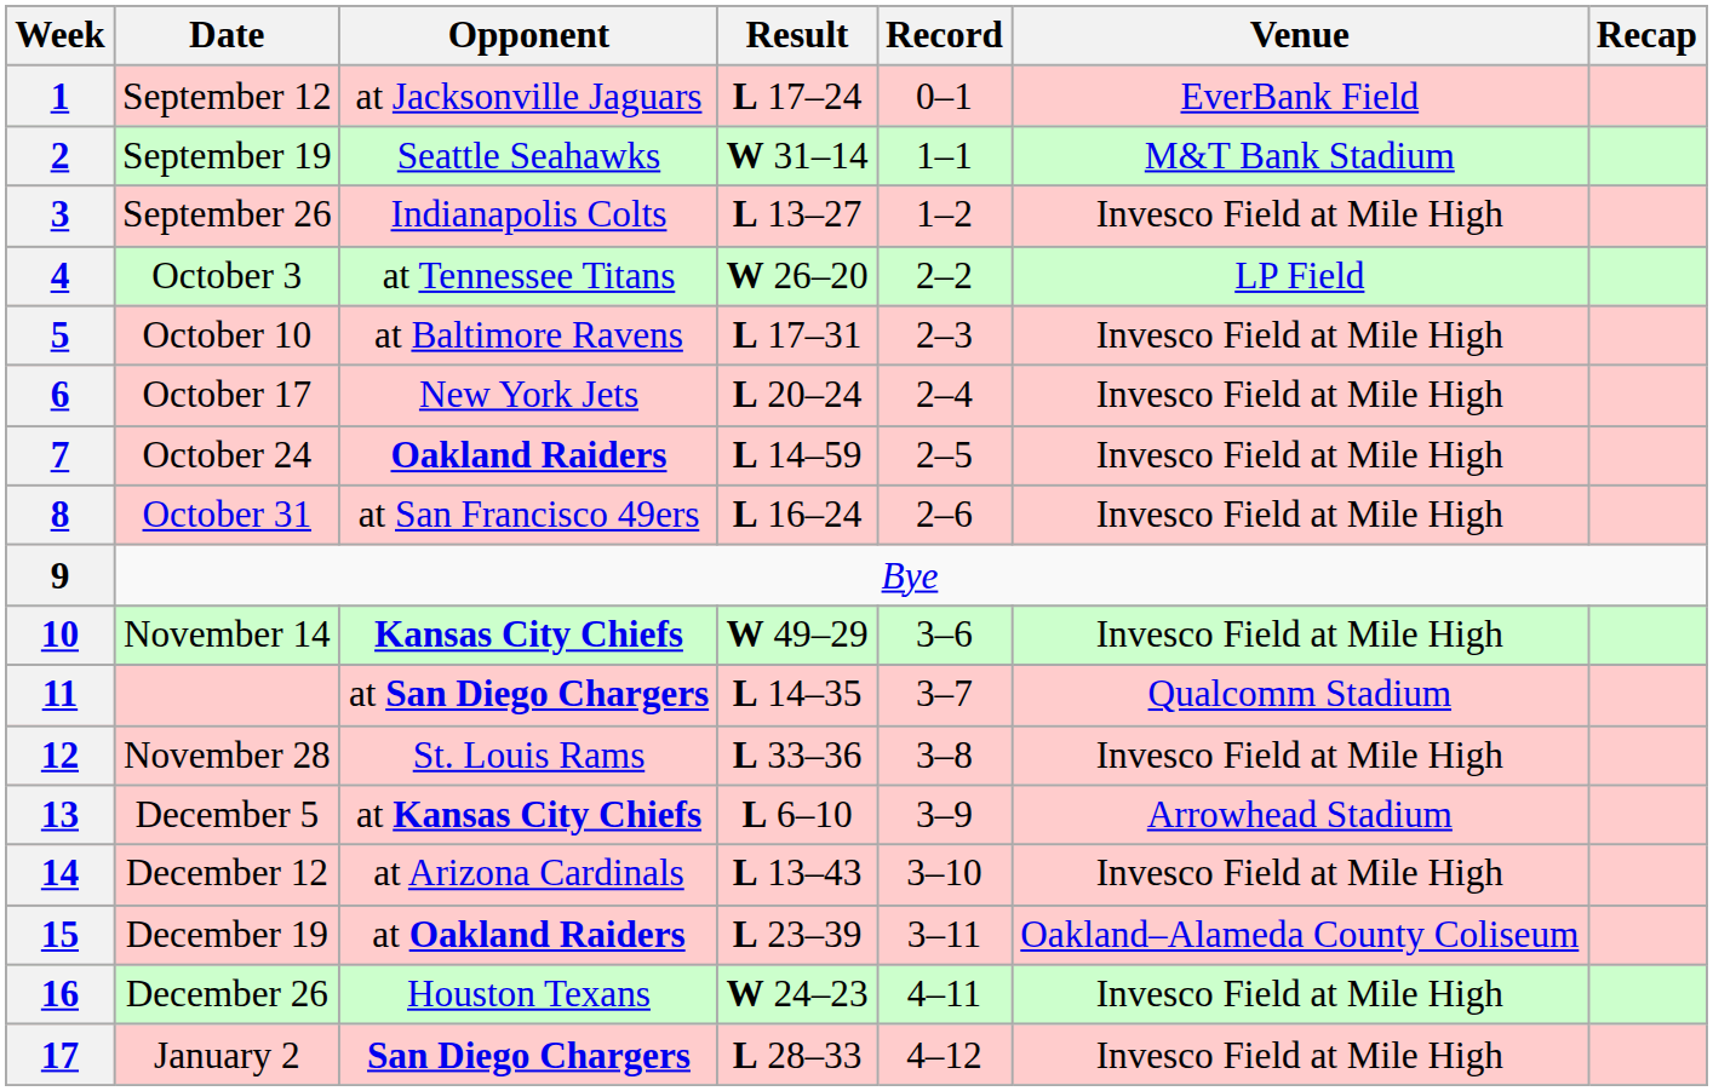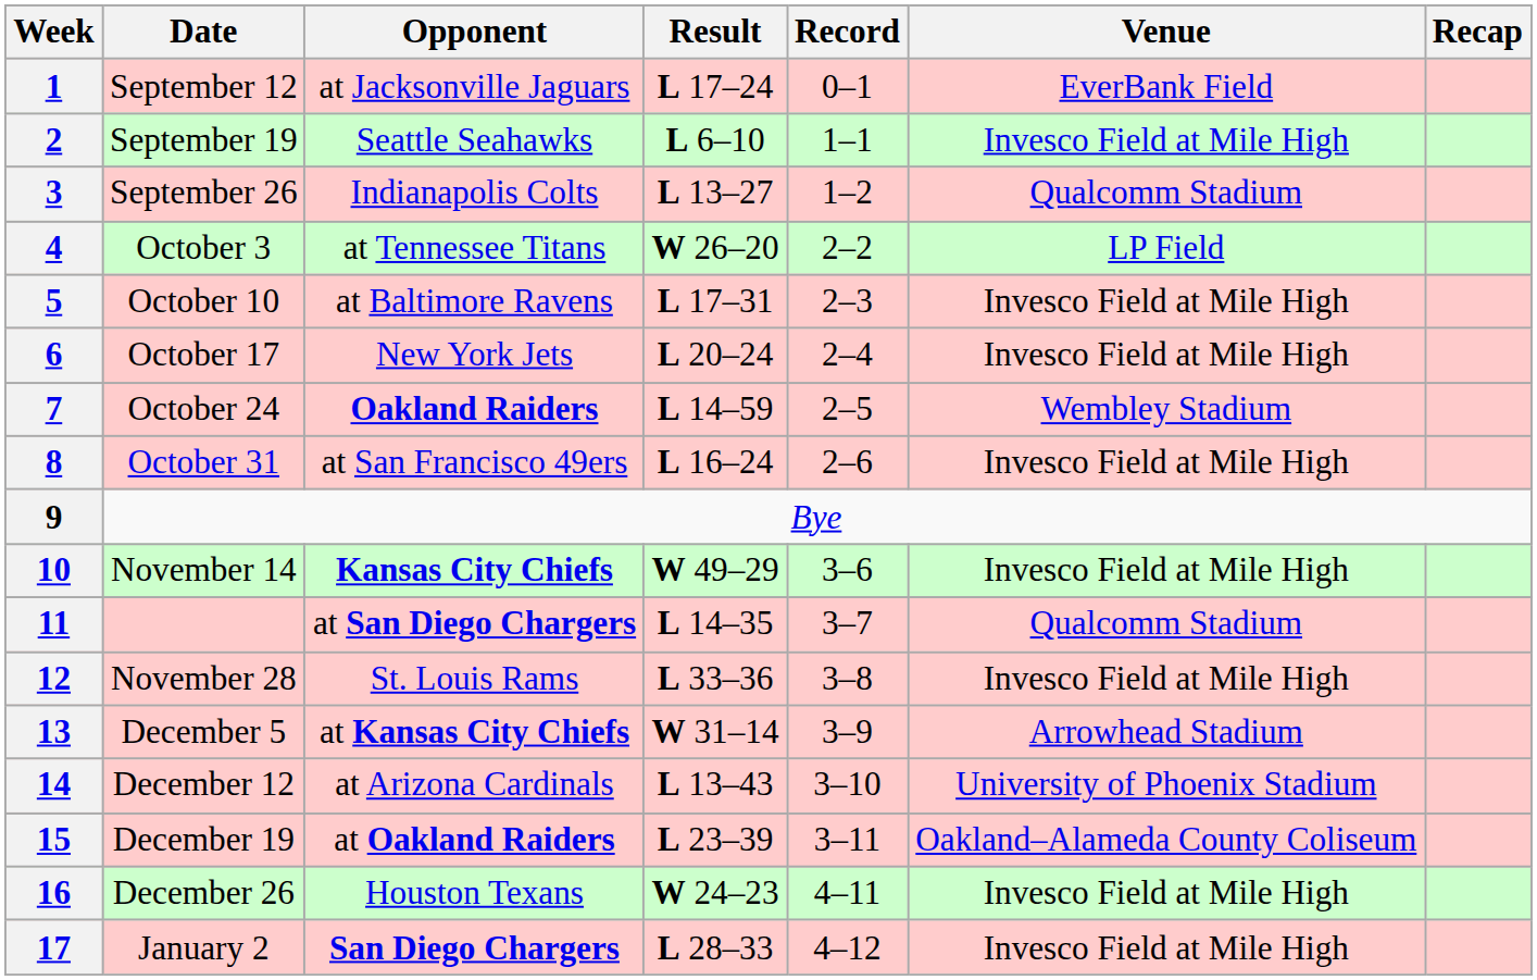 <table class="wikitable" style="text-align:center">
 <tr>
 <th>Week</th>
 <th>Date</th>
 <th>Opponent</th>
 <th>Result</th>
 <th>Record</th>
 <th>Venue</th>
 <th>Recap</th>
 </tr>
 <tr style="background:#fcc">
 <th><a href='#'>1</a></th>
 <td>September 12</td>
 <td>at <a href='#'>Jacksonville Jaguars</a></td>
 <td><strong>L</strong> 17–24</td>
 <td>0–1</td>
 <td><a href='#'>EverBank Field</a></td>
 <td></td>
 </tr>
 <tr style="background:#cfc">
 <th><a href='#'>2</a></th>
 <td>September 19</td>
 <td><a href='#'>Seattle Seahawks</a></td>
-<td><strong>W</strong> 31–14</td>
+<td><strong>L</strong> 6–10</td>
 <td>1–1</td>
-<td><a href='#'>M&T Bank Stadium</a></td>
+<td><a href='#'>Invesco Field at Mile High</a></td>
 <td></td>
 </tr>
 <tr style="background:#fcc">
 <th><a href='#'>3</a></th>
 <td>September 26</td>
 <td><a href='#'>Indianapolis Colts</a></td>
 <td><strong>L</strong> 13–27</td>
 <td>1–2</td>
-<td>Invesco Field at Mile High</td>
+<td><a href='#'>Qualcomm Stadium</a></td>
 <td></td>
 </tr>
 <tr style="background:#cfc">
 <th><a href='#'>4</a></th>
 <td>October 3</td>
 <td>at <a href='#'>Tennessee Titans</a></td>
 <td><strong>W</strong> 26–20</td>
 <td>2–2</td>
 <td><a href='#'>LP Field</a></td>
 <td></td>
 </tr>
 <tr style="background:#fcc">
 <th><a href='#'>5</a></th>
 <td>October 10</td>
 <td>at <a href='#'>Baltimore Ravens</a></td>
 <td><strong>L</strong> 17–31</td>
 <td>2–3</td>
 <td>Invesco Field at Mile High</td>
 <td></td>
 </tr>
 <tr style="background:#fcc">
 <th><a href='#'>6</a></th>
 <td>October 17</td>
 <td><a href='#'>New York Jets</a></td>
 <td><strong>L</strong> 20–24</td>
 <td>2–4</td>
 <td>Invesco Field at Mile High</td>
 <td></td>
 </tr>
 <tr style="background:#fcc">
 <th><a href='#'>7</a></th>
 <td>October 24</td>
 <td><strong><a href='#'>Oakland Raiders</a></strong></td>
 <td><strong>L</strong> 14–59</td>
 <td>2–5</td>
-<td>Invesco Field at Mile High</td>
+<td> <a href='#'>Wembley Stadium</a> </td>
 <td></td>
 </tr>
 <tr style="background:#fcc">
 <th><a href='#'>8</a></th>
 <td><a href='#'>October 31</a></td>
 <td>at <a href='#'>San Francisco 49ers</a></td>
 <td><strong>L</strong> 16–24</td>
 <td>2–6</td>
 <td>Invesco Field at Mile High</td>
 <td></td>
 </tr>
 <tr>
 <th>9</th>
 <td colspan="6"><em><a href='#'>Bye</a></em></td>
 </tr>
 <tr style="background:#cfc">
 <th><a href='#'>10</a></th>
 <td>November 14</td>
 <td><strong><a href='#'>Kansas City Chiefs</a></strong></td>
 <td><strong>W</strong> 49–29</td>
 <td>3–6</td>
 <td>Invesco Field at Mile High</td>
 <td></td>
 </tr>
 <tr style="background:#fcc">
 <th><a href='#'>11</a></th>
 <td></td>
 <td>at <strong><a href='#'>San Diego Chargers</a></strong></td>
 <td><strong>L</strong> 14–35</td>
 <td>3–7</td>
 <td><a href='#'>Qualcomm Stadium</a></td>
 <td></td>
 </tr>
 <tr style="background:#fcc">
 <th><a href='#'>12</a></th>
 <td>November 28</td>
 <td><a href='#'>St. Louis Rams</a></td>
 <td><strong>L</strong> 33–36</td>
 <td>3–8</td>
 <td>Invesco Field at Mile High</td>
 <td></td>
 </tr>
 <tr style="background:#fcc">
 <th><a href='#'>13</a></th>
 <td>December 5</td>
 <td>at <strong><a href='#'>Kansas City Chiefs</a></strong></td>
-<td><strong>L</strong> 6–10</td>
+<td><strong>W</strong> 31–14</td>
 <td>3–9</td>
 <td><a href='#'>Arrowhead Stadium</a></td>
 <td></td>
 </tr>
 <tr style="background:#fcc">
 <th><a href='#'>14</a></th>
 <td>December 12</td>
 <td>at <a href='#'>Arizona Cardinals</a></td>
 <td><strong>L</strong> 13–43</td>
 <td>3–10</td>
-<td>Invesco Field at Mile High</td>
+<td><a href='#'>University of Phoenix Stadium</a></td>
 <td></td>
 </tr>
 <tr style="background:#fcc">
 <th><a href='#'>15</a></th>
 <td>December 19</td>
 <td>at <strong><a href='#'>Oakland Raiders</a></strong></td>
 <td><strong>L</strong> 23–39</td>
 <td>3–11</td>
 <td><a href='#'>Oakland–Alameda County Coliseum</a></td>
 <td></td>
 </tr>
 <tr style="background:#cfc">
 <th><a href='#'>16</a></th>
 <td>December 26</td>
 <td><a href='#'>Houston Texans</a></td>
 <td><strong>W</strong> 24–23</td>
 <td>4–11</td>
 <td>Invesco Field at Mile High</td>
 <td></td>
 </tr>
 <tr style="background:#fcc">
 <th><a href='#'>17</a></th>
 <td>January 2</td>
 <td><strong><a href='#'>San Diego Chargers</a></strong></td>
 <td><strong>L</strong> 28–33</td>
 <td>4–12</td>
 <td>Invesco Field at Mile High</td>
 <td></td>
 </tr>
 </table>
